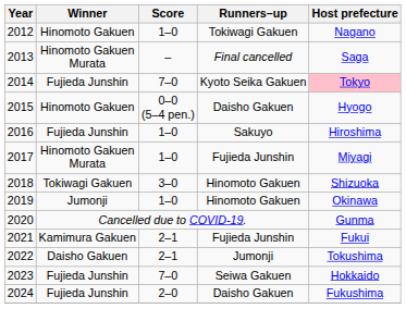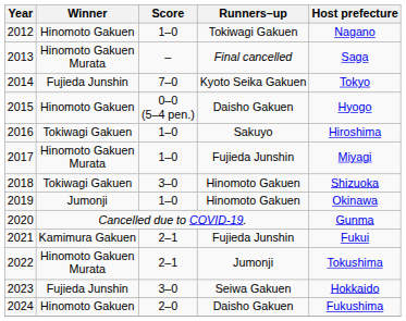 <table class="sortable wikitable" style="text-align: center;">
 <tr>
 <th>Year</th>
 <th>Winner</th>
 <th>Score</th>
 <th>Runners–up</th>
 <th>Host prefecture</th>
 </tr>
 <tr>
 <td>2012</td>
 <td>Hinomoto Gakuen</td>
 <td>1–0</td>
 <td>Tokiwagi Gakuen</td>
 <td><a href='#'>Nagano</a></td>
 </tr>
 <tr>
 <td>2013</td>
 <td>Hinomoto Gakuen<br>Murata</td>
 <td>–</td>
 <td><em>Final cancelled</em></td>
 <td><a href='#'>Saga</a></td>
 </tr>
 <tr>
 <td>2014</td>
 <td>Fujieda Junshin</td>
 <td>7–0</td>
 <td>Kyoto Seika Gakuen</td>
-<td style="background: pink;"><a href='#'>Tokyo</a></td>
+<td><a href='#'>Tokyo</a></td>
 </tr>
 <tr>
 <td>2015</td>
 <td>Hinomoto Gakuen</td>
 <td>0–0 <br>(5–4 pen.)</td>
 <td>Daisho Gakuen</td>
 <td><a href='#'>Hyogo</a></td>
 </tr>
 <tr>
 <td>2016</td>
-<td>Fujieda Junshin</td>
+<td>Tokiwagi Gakuen</td>
 <td>1–0</td>
 <td>Sakuyo</td>
 <td><a href='#'>Hiroshima</a></td>
 </tr>
 <tr>
 <td>2017</td>
 <td>Hinomoto Gakuen<br>Murata</td>
 <td>1–0</td>
 <td>Fujieda Junshin</td>
 <td><a href='#'>Miyagi</a></td>
 </tr>
 <tr>
 <td>2018</td>
 <td>Tokiwagi Gakuen</td>
 <td>3–0</td>
 <td>Hinomoto Gakuen</td>
 <td><a href='#'>Shizuoka</a></td>
 </tr>
 <tr>
 <td>2019</td>
 <td>Jumonji</td>
 <td>1–0</td>
 <td>Hinomoto Gakuen</td>
 <td><a href='#'>Okinawa</a></td>
 </tr>
 <tr>
 <td>2020</td>
 <td align-text="center" colspan="3"><em>Cancelled due to <a href='#'>COVID-19</a>.</em></td>
 <td><a href='#'>Gunma</a></td>
 </tr>
 <tr>
 <td>2021</td>
 <td>Kamimura Gakuen</td>
 <td>2–1 </td>
 <td>Fujieda Junshin</td>
 <td><a href='#'>Fukui</a></td>
 </tr>
 <tr>
 <td>2022</td>
-<td>Daisho Gakuen</td>
+<td>Hinomoto Gakuen<br>Murata</td>
 <td>2–1 </td>
 <td>Jumonji</td>
 <td><a href='#'>Tokushima</a></td>
 </tr>
 <tr>
 <td>2023</td>
 <td>Fujieda Junshin</td>
-<td>7–0</td>
+<td>3–0</td>
 <td>Seiwa Gakuen</td>
 <td><a href='#'>Hokkaido</a></td>
 </tr>
 <tr>
 <td>2024</td>
-<td>Fujieda Junshin</td>
+<td>Hinomoto Gakuen</td>
 <td>2–0</td>
 <td>Daisho Gakuen</td>
 <td><a href='#'>Fukushima</a></td>
 </tr>
 <tr>
 </tr>
 </table>
